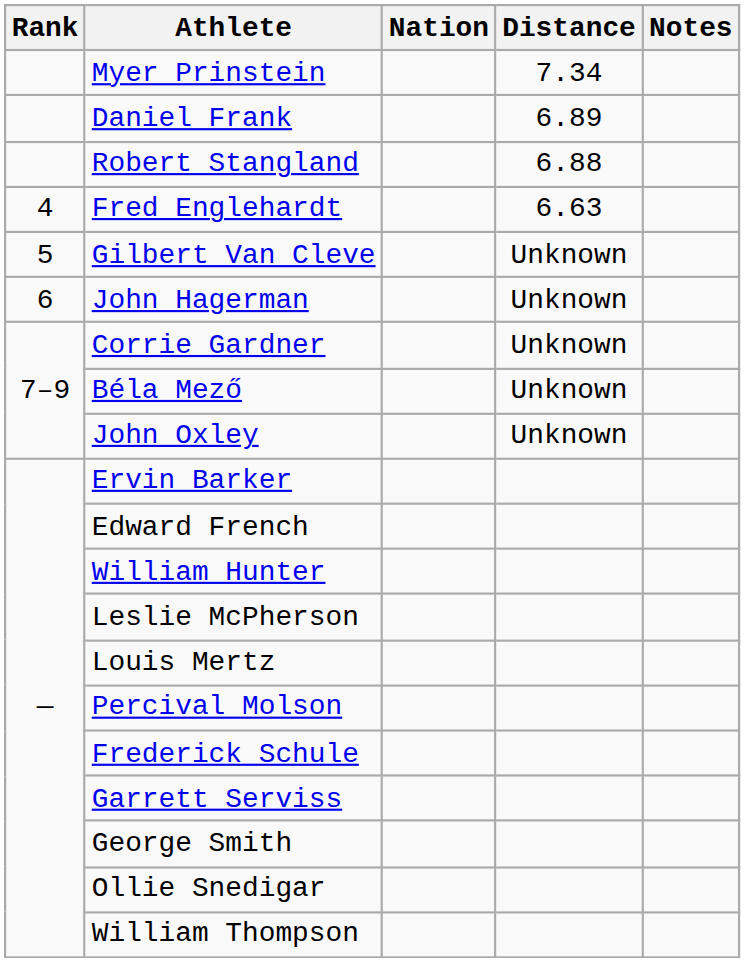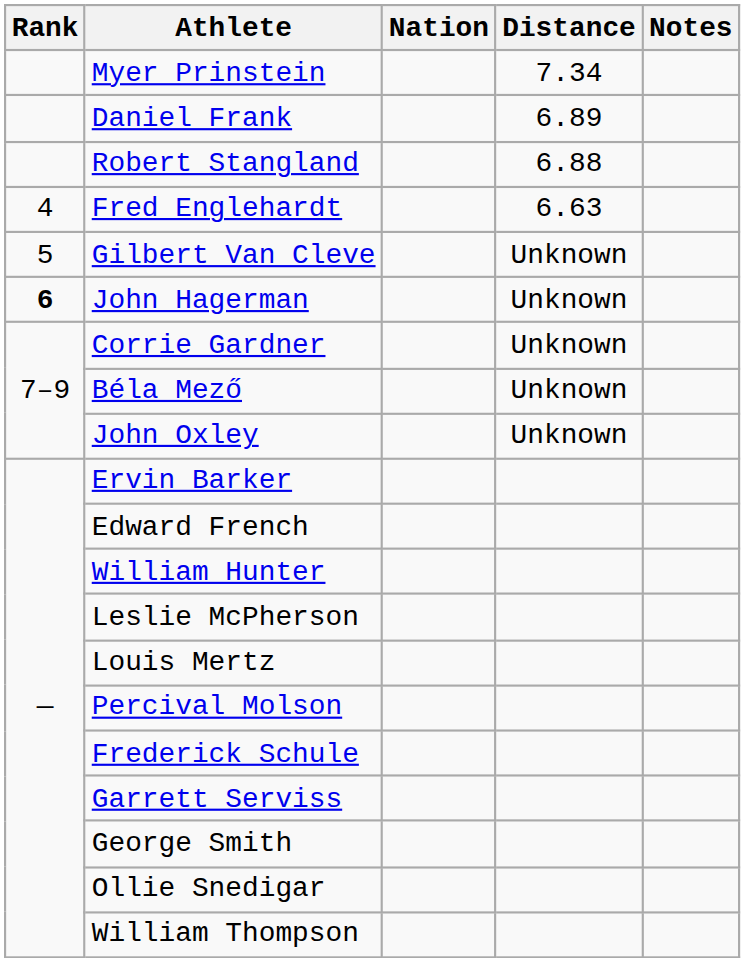 <table class="wikitable sortable" style="text-align:center">
 <tr>
 <th>Rank</th>
 <th>Athlete</th>
 <th>Nation</th>
 <th>Distance</th>
 <th>Notes</th>
 </tr>
 <tr>
 <td></td>
 <td align=left><a href='#'>Myer Prinstein</a></td>
 <td align=left></td>
 <td>7.34</td>
 <td></td>
 </tr>
 <tr>
 <td></td>
 <td align=left><a href='#'>Daniel Frank</a></td>
 <td align=left></td>
 <td>6.89</td>
 <td></td>
 </tr>
 <tr>
 <td></td>
 <td align=left><a href='#'>Robert Stangland</a></td>
 <td align=left></td>
 <td>6.88</td>
 <td></td>
 </tr>
 <tr>
 <td>4</td>
 <td align=left><a href='#'>Fred Englehardt</a></td>
 <td align=left></td>
 <td>6.63</td>
 <td></td>
 </tr>
 <tr>
 <td>5</td>
 <td align=left><a href='#'>Gilbert Van Cleve</a></td>
 <td align=left></td>
 <td data-sort-value=0.00>Unknown</td>
 <td></td>
 </tr>
 <tr>
-<td>6</td>
+<td><strong>6</strong></td>
 <td align=left><a href='#'>John Hagerman</a></td>
 <td align=left></td>
 <td data-sort-value=0.00>Unknown</td>
 <td></td>
 </tr>
 <tr>
 <td rowspan=3>7–9</td>
 <td align=left><a href='#'>Corrie Gardner</a></td>
 <td align=left></td>
 <td data-sort-value=0.00>Unknown</td>
 <td></td>
 </tr>
 <tr>
 <td align=left><a href='#'>Béla Mező</a></td>
 <td align=left></td>
 <td data-sort-value=0.00>Unknown</td>
 <td></td>
 </tr>
 <tr>
 <td align=left><a href='#'>John Oxley</a></td>
 <td align=left></td>
 <td data-sort-value=0.00>Unknown</td>
 <td></td>
 </tr>
 <tr>
 <td rowspan=11 data-sort-value=10>—</td>
 <td align=left><a href='#'>Ervin Barker</a></td>
 <td align=left></td>
 <td data-sort-value=0.00></td>
 <td></td>
 </tr>
 <tr>
 <td align=left>Edward French</td>
 <td align=left></td>
 <td data-sort-value=0.00></td>
 <td></td>
 </tr>
 <tr>
 <td align=left><a href='#'>William Hunter</a></td>
 <td align=left></td>
 <td data-sort-value=0.00></td>
 <td></td>
 </tr>
 <tr>
 <td align=left>Leslie McPherson</td>
 <td align=left></td>
 <td data-sort-value=0.00></td>
 <td></td>
 </tr>
 <tr>
 <td align=left>Louis Mertz</td>
 <td align=left></td>
 <td data-sort-value=0.00></td>
 <td></td>
 </tr>
 <tr>
 <td align=left><a href='#'>Percival Molson</a></td>
 <td align=left></td>
 <td data-sort-value=0.00></td>
 <td></td>
 </tr>
 <tr>
 <td align=left><a href='#'>Frederick Schule</a></td>
 <td align=left></td>
 <td data-sort-value=0.00></td>
 <td></td>
 </tr>
 <tr>
 <td align=left><a href='#'>Garrett Serviss</a></td>
 <td align=left></td>
 <td data-sort-value=0.00></td>
 <td></td>
 </tr>
 <tr>
 <td align=left>George Smith</td>
 <td align=left></td>
 <td data-sort-value=0.00></td>
 <td></td>
 </tr>
 <tr>
 <td align=left>Ollie Snedigar</td>
 <td align=left></td>
 <td data-sort-value=0.00></td>
 <td></td>
 </tr>
 <tr>
 <td align=left>William Thompson</td>
 <td align=left></td>
 <td data-sort-value=0.00></td>
 <td></td>
 </tr>
 </table>
